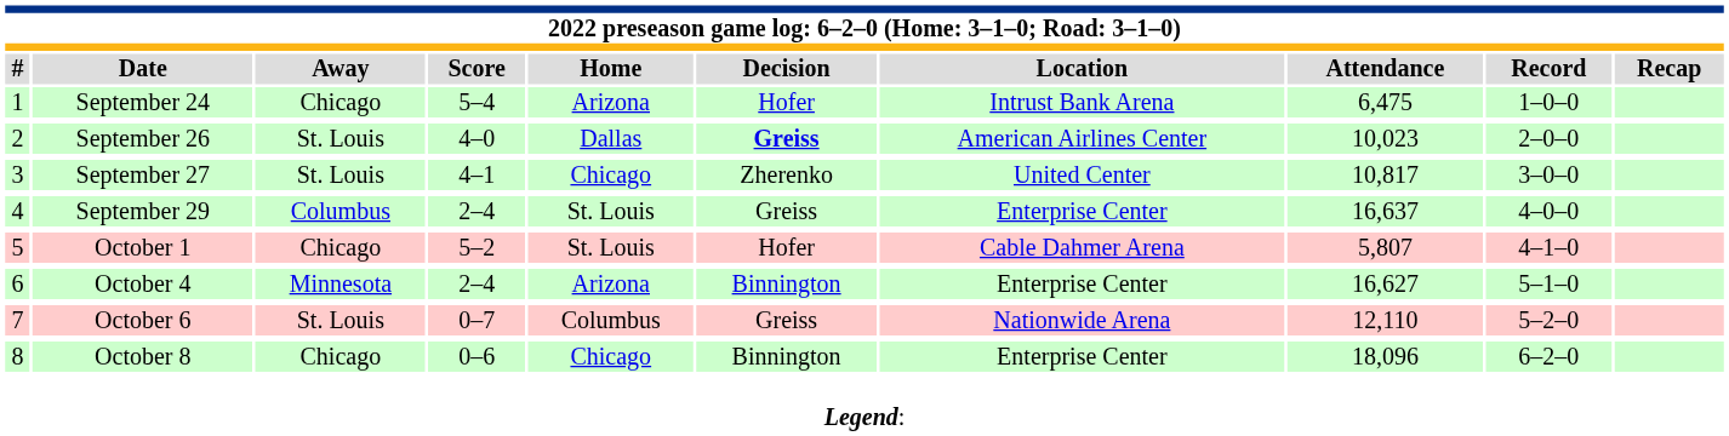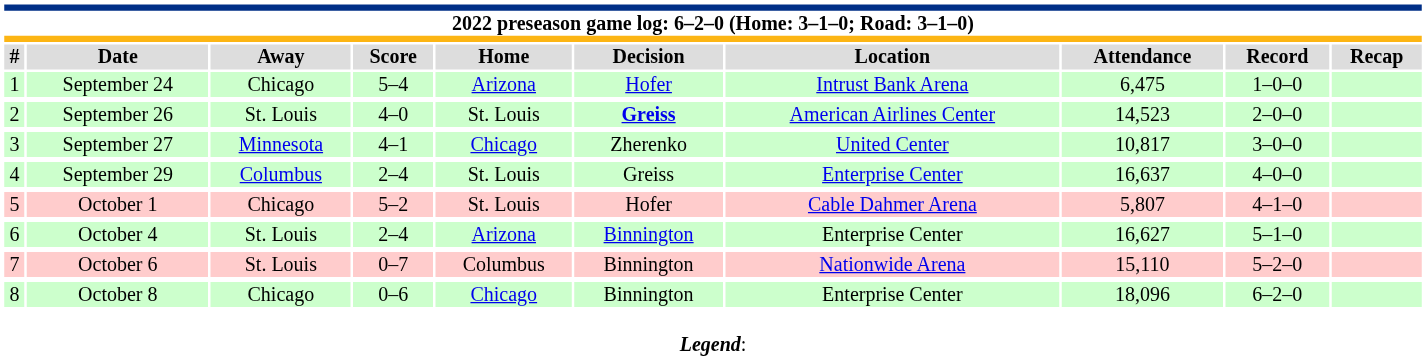 <table class="toccolours collapsible collapsed" style="width:90%; clear:both; margin:1.5em auto; text-align:center;">
 <tr>
 <th colspan="10" style="background:#FFFFFF; border-top:#002F87 5px solid; border-bottom:#FCB514 5px solid;">2022 preseason game log: 6–2–0 (Home: 3–1–0; Road: 3–1–0)</th>
 </tr>
 <tr style="background:#ddd;">
 <th>#</th>
 <th>Date</th>
 <th>Away</th>
 <th>Score</th>
 <th>Home</th>
 <th>Decision</th>
 <th>Location</th>
 <th>Attendance</th>
 <th>Record</th>
 <th>Recap</th>
 </tr>
 <tr style="background:#cfc;">
 <td>1</td>
 <td>September 24</td>
 <td>Chicago</td>
 <td>5–4</td>
 <td><a href='#'>Arizona</a></td>
 <td><a href='#'>Hofer</a></td>
 <td><a href='#'>Intrust Bank Arena</a></td>
 <td>6,475</td>
 <td>1–0–0</td>
 <td></td>
 </tr>
 <tr>
 </tr>
 <tr style="background:#cfc;">
 <td>2</td>
 <td>September 26</td>
 <td>St. Louis</td>
 <td>4–0</td>
-<td><a href='#'>Dallas</a></td>
+<td>St. Louis</td>
 <td><strong><a href='#'>Greiss</a></strong></td>
 <td><a href='#'>American Airlines Center</a></td>
-<td>10,023</td>
+<td>14,523</td>
 <td>2–0–0</td>
 <td></td>
 </tr>
 <tr>
 </tr>
 <tr style="background:#cfc;">
 <td>3</td>
 <td>September 27</td>
-<td>St. Louis</td>
+<td><a href='#'>Minnesota</a></td>
 <td>4–1</td>
 <td><a href='#'>Chicago</a></td>
 <td>Zherenko</td>
 <td><a href='#'>United Center</a></td>
 <td>10,817</td>
 <td>3–0–0</td>
 <td></td>
 </tr>
 <tr>
 </tr>
 <tr style="background:#cfc;">
 <td>4</td>
 <td>September 29</td>
 <td><a href='#'>Columbus</a></td>
 <td>2–4</td>
 <td>St. Louis</td>
 <td>Greiss</td>
 <td><a href='#'>Enterprise Center</a></td>
 <td>16,637</td>
 <td>4–0–0</td>
 <td></td>
 </tr>
 <tr>
 </tr>
 <tr style="background:#fcc;">
 <td>5</td>
 <td>October 1</td>
 <td>Chicago</td>
 <td>5–2</td>
 <td>St. Louis</td>
 <td>Hofer</td>
 <td><a href='#'>Cable Dahmer Arena</a></td>
 <td>5,807</td>
 <td>4–1–0</td>
 <td></td>
 </tr>
 <tr>
 </tr>
 <tr style="background:#cfc;">
 <td>6</td>
 <td>October 4</td>
-<td><a href='#'>Minnesota</a></td>
+<td>St. Louis</td>
 <td>2–4</td>
 <td><a href='#'>Arizona</a></td>
 <td><a href='#'>Binnington</a></td>
 <td>Enterprise Center</td>
 <td>16,627</td>
 <td>5–1–0</td>
 <td></td>
 </tr>
 <tr>
 </tr>
 <tr style="background:#fcc;">
 <td>7</td>
 <td>October 6</td>
 <td>St. Louis</td>
 <td>0–7</td>
 <td>Columbus</td>
-<td>Greiss</td>
+<td>Binnington</td>
 <td><a href='#'>Nationwide Arena</a></td>
-<td>12,110</td>
+<td>15,110</td>
 <td>5–2–0</td>
 <td></td>
 </tr>
 <tr>
 </tr>
 <tr style="background:#cfc;">
 <td>8</td>
 <td>October 8</td>
 <td>Chicago</td>
 <td>0–6</td>
 <td><a href='#'>Chicago</a></td>
 <td>Binnington</td>
 <td>Enterprise Center</td>
 <td>18,096</td>
 <td>6–2–0</td>
 <td></td>
 </tr>
 <tr>
 <td colspan="10" style="text-align:center;"><br><strong><em>Legend</em></strong>:   </td>
 </tr>
 </table>
